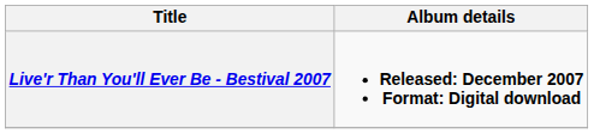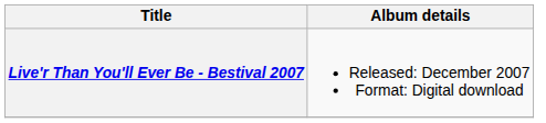 <table class="wikitable plainrowheaders" style="text-align:center;" border="1">
 <tr>
 <th scope="col">Title</th>
 <th scope="col">Album details</th>
 </tr>
 <tr>
 <th scope="row"><em><a href='#'>Live'r Than You'll Ever Be - Bestival 2007</a></em></th>
-<td><strong><br><ul><li>Released: December 2007</li><li>Format: Digital download</li></ul></strong></td>
+<td><br><ul><li>Released: December 2007</li><li>Format: Digital download</li></ul></td>
 </tr>
 <tr>
 </tr>
 </table>
